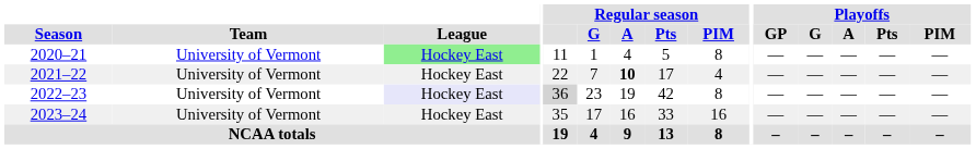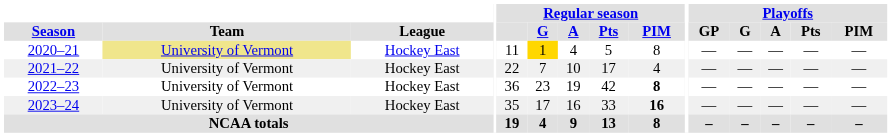 <table border="0" cellpadding="1" cellspacing="0" style="text-align:center; width:60em">
 <tr bgcolor="#e0e0e0">
 <th colspan="3" bgcolor="#ffffff"></th>
 <th rowspan="97" bgcolor="#ffffff"></th>
 <th colspan="5"><a href='#'>Regular season</a></th>
 <th rowspan="97" bgcolor="#ffffff"></th>
 <th colspan="5"><a href='#'>Playoffs</a></th>
 </tr>
 <tr bgcolor="#e0e0e0">
 <th><a href='#'>Season</a></th>
 <th>Team</th>
 <th>League</th>
 <th></th>
 <th><a href='#'>G</a></th>
 <th><a href='#'>A</a></th>
 <th><a href='#'>Pts</a></th>
 <th><a href='#'>PIM</a></th>
 <th>GP</th>
 <th>G</th>
 <th>A</th>
 <th>Pts</th>
 <th>PIM</th>
 </tr>
 <tr>
 <td><a href='#'>2020–21</a></td>
-<td><a href='#'>University of Vermont</a></td>
-<td style="background: lightgreen;"><a href='#'>Hockey East</a></td>
+<td style="background: khaki;"><a href='#'>University of Vermont</a></td>
+<td><a href='#'>Hockey East</a></td>
 <td>11</td>
-<td>1</td>
+<td style="background: gold;">1</td>
 <td>4</td>
 <td>5</td>
 <td>8</td>
 <td>—</td>
 <td>—</td>
 <td>—</td>
 <td>—</td>
 <td>—</td>
 </tr>
 <tr bgcolor="#f0f0f0">
 <td><a href='#'>2021–22</a></td>
 <td>University of Vermont</td>
 <td>Hockey East</td>
 <td>22</td>
 <td>7</td>
-<td><strong>10</strong></td>
+<td>10</td>
 <td>17</td>
 <td>4</td>
 <td>—</td>
 <td>—</td>
 <td>—</td>
 <td>—</td>
 <td>—</td>
 </tr>
 <tr>
 <td><a href='#'>2022–23</a></td>
 <td>University of Vermont</td>
-<td style="background: lavender;">Hockey East</td>
-<td style="background: lightgrey;">36</td>
+<td>Hockey East</td>
+<td>36</td>
 <td>23</td>
 <td>19</td>
 <td>42</td>
-<td>8</td>
+<td><strong>8</strong></td>
 <td>—</td>
 <td>—</td>
 <td>—</td>
 <td>—</td>
 <td>—</td>
 </tr>
 <tr bgcolor="#f0f0f0">
 <td><a href='#'>2023–24</a></td>
 <td>University of Vermont</td>
 <td>Hockey East</td>
 <td>35</td>
 <td>17</td>
 <td>16</td>
 <td>33</td>
-<td>16</td>
+<td><strong>16</strong></td>
 <td>—</td>
 <td>—</td>
 <td>—</td>
 <td>—</td>
 <td>—<br></td>
 </tr>
 <tr bgcolor="#e0e0e0">
 <th colspan="3">NCAA totals</th>
 <th>19</th>
 <th>4</th>
 <th>9</th>
 <th>13</th>
 <th>8</th>
 <th>–</th>
 <th>–</th>
 <th>–</th>
 <th>–</th>
 <th>–</th>
 </tr>
 </table>
